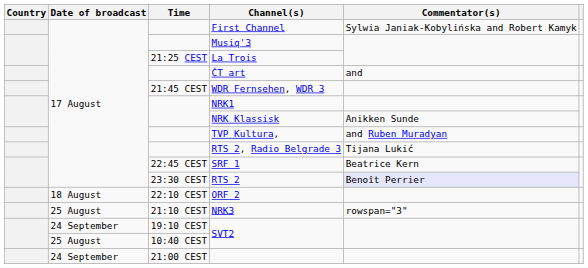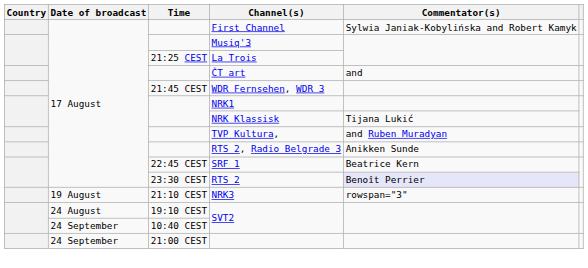 <table class="wikitable plainrowheaders sticky-header">
 <tr>
 <th scope="col">Country</th>
 <th scope="col">Date of broadcast</th>
 <th scope="col">Time</th>
 <th scope="col">Channel(s)</th>
 <th scope="col">Commentator(s)</th>
 <th scope="col"></th>
 </tr>
 <tr>
 <th scope="row"></th>
 <td rowspan="11">17 August</td>
 <td></td>
 <td><a href='#'>First Channel</a></td>
 <td>Sylwia Janiak-Kobylińska and Robert Kamyk</td>
 <td></td>
 </tr>
 <tr>
 <th scope="row" rowspan="2"></th>
 <td></td>
 <td><a href='#'>Musiq'3</a></td>
 <td rowspan="2"></td>
 <td rowspan="2"></td>
 </tr>
 <tr>
 <td>21:25 <a href='#'>CEST</a></td>
 <td><a href='#'>La Trois</a></td>
 </tr>
 <tr>
 <th scope="row"></th>
 <td></td>
 <td><a href='#'>ČT art</a></td>
 <td> and </td>
 <td></td>
 </tr>
 <tr>
 <th scope="row"></th>
 <td>21:45 CEST</td>
 <td><a href='#'>WDR Fernsehen</a>, <a href='#'>WDR 3</a></td>
 <td></td>
 <td></td>
 </tr>
 <tr>
 <th scope="row" rowspan="2"></th>
 <td rowspan="2"></td>
 <td><a href='#'>NRK1</a></td>
 <td></td>
 <td rowspan="2"></td>
 </tr>
 <tr>
 <td><a href='#'>NRK Klassisk</a></td>
-<td>Anikken Sunde</td>
+<td>Tijana Lukić</td>
 </tr>
 <tr>
 <th scope="row"></th>
 <td></td>
 <td><a href='#'>TVP Kultura</a>, </td>
 <td> and <a href='#'>Ruben Muradyan</a></td>
 <td></td>
 </tr>
 <tr>
 <th scope="row"></th>
 <td></td>
 <td><a href='#'>RTS 2</a>, <a href='#'>Radio Belgrade 3</a></td>
-<td>Tijana Lukić</td>
+<td>Anikken Sunde</td>
 <td></td>
 </tr>
 <tr>
 <th scope="row" rowspan="2"></th>
 <td>22:45 CEST</td>
 <td><a href='#'>SRF 1</a></td>
 <td>Beatrice Kern</td>
 <td rowspan="2"></td>
 </tr>
 <tr>
 <td>23:30 CEST</td>
 <td><a href='#'>RTS 2</a></td>
 <td style="background: lavender;">Benoît Perrier</td>
 </tr>
 <tr>
 <th scope="row"></th>
-<td>18 August</td>
-<td>22:10 CEST</td>
-<td><a href='#'>ORF 2</a></td>
-<td></td>
-<td></td>
-</tr>
-<tr>
-<th scope="row"></th>
-<td>25 August</td>
+<td>19 August</td>
 <td>21:10 CEST</td>
 <td><a href='#'>NRK3</a></td>
 <td>rowspan="3" </td>
 <td></td>
 </tr>
 <tr>
 <th scope="row" rowspan="2"></th>
-<td>24 September</td>
+<td>24 August</td>
 <td>19:10 CEST</td>
 <td rowspan="2"><a href='#'>SVT2</a></td>
 <td rowspan="2"></td>
 </tr>
 <tr>
-<td>25 August</td>
+<td>24 September</td>
 <td>10:40 CEST</td>
 </tr>
 <tr>
 <th scope="row"></th>
 <td>24 September</td>
 <td>21:00 CEST</td>
 <td></td>
 <td></td>
 <td></td>
 </tr>
 </table>
